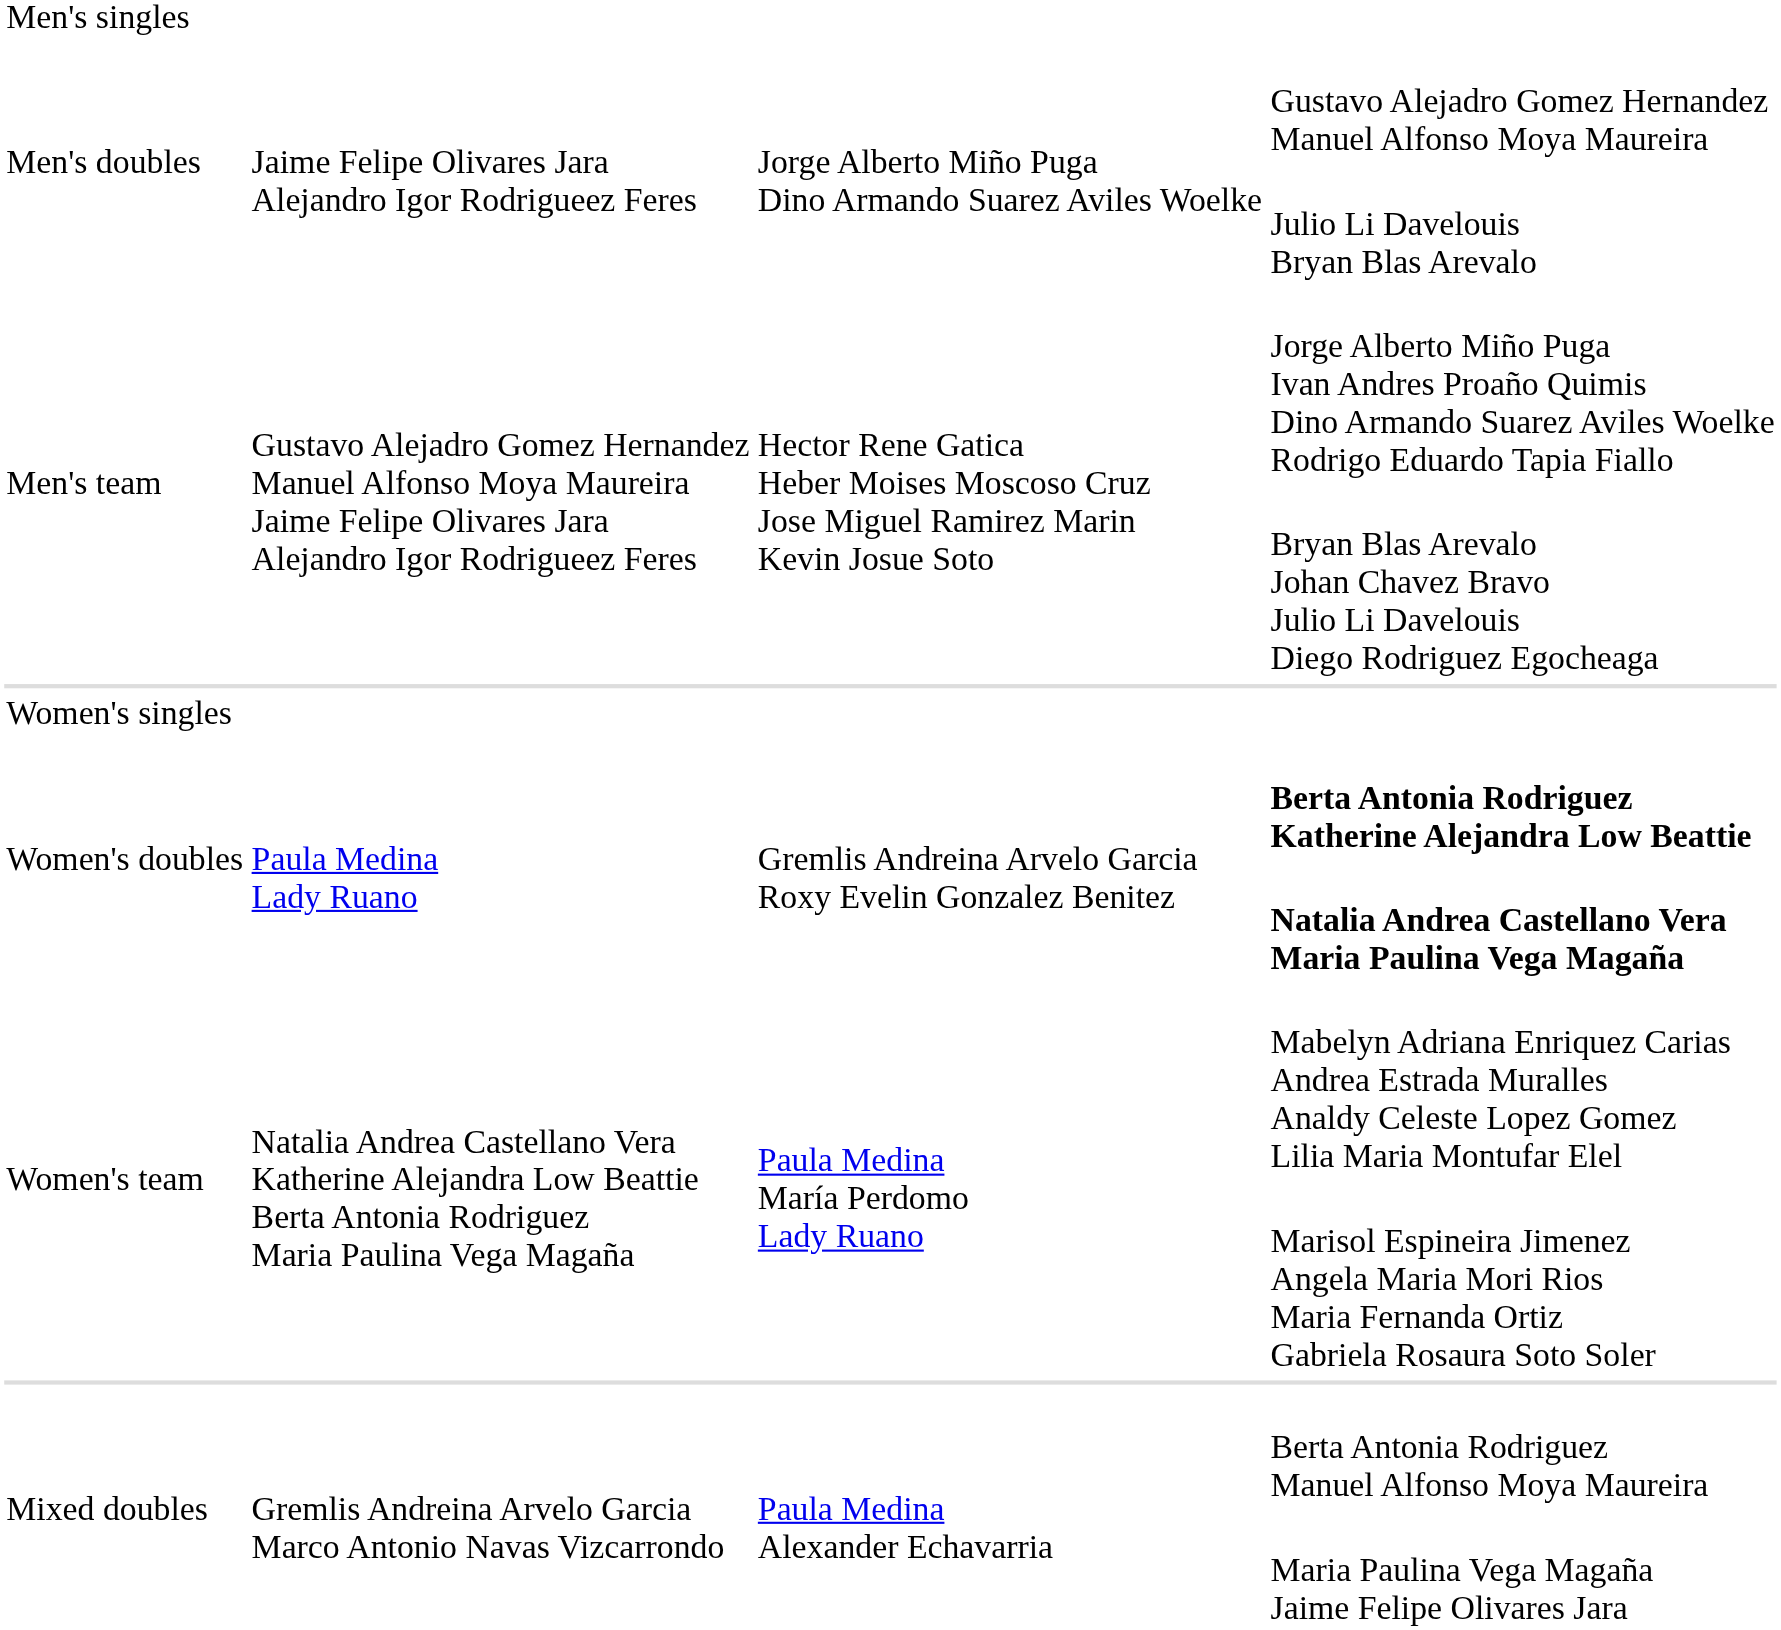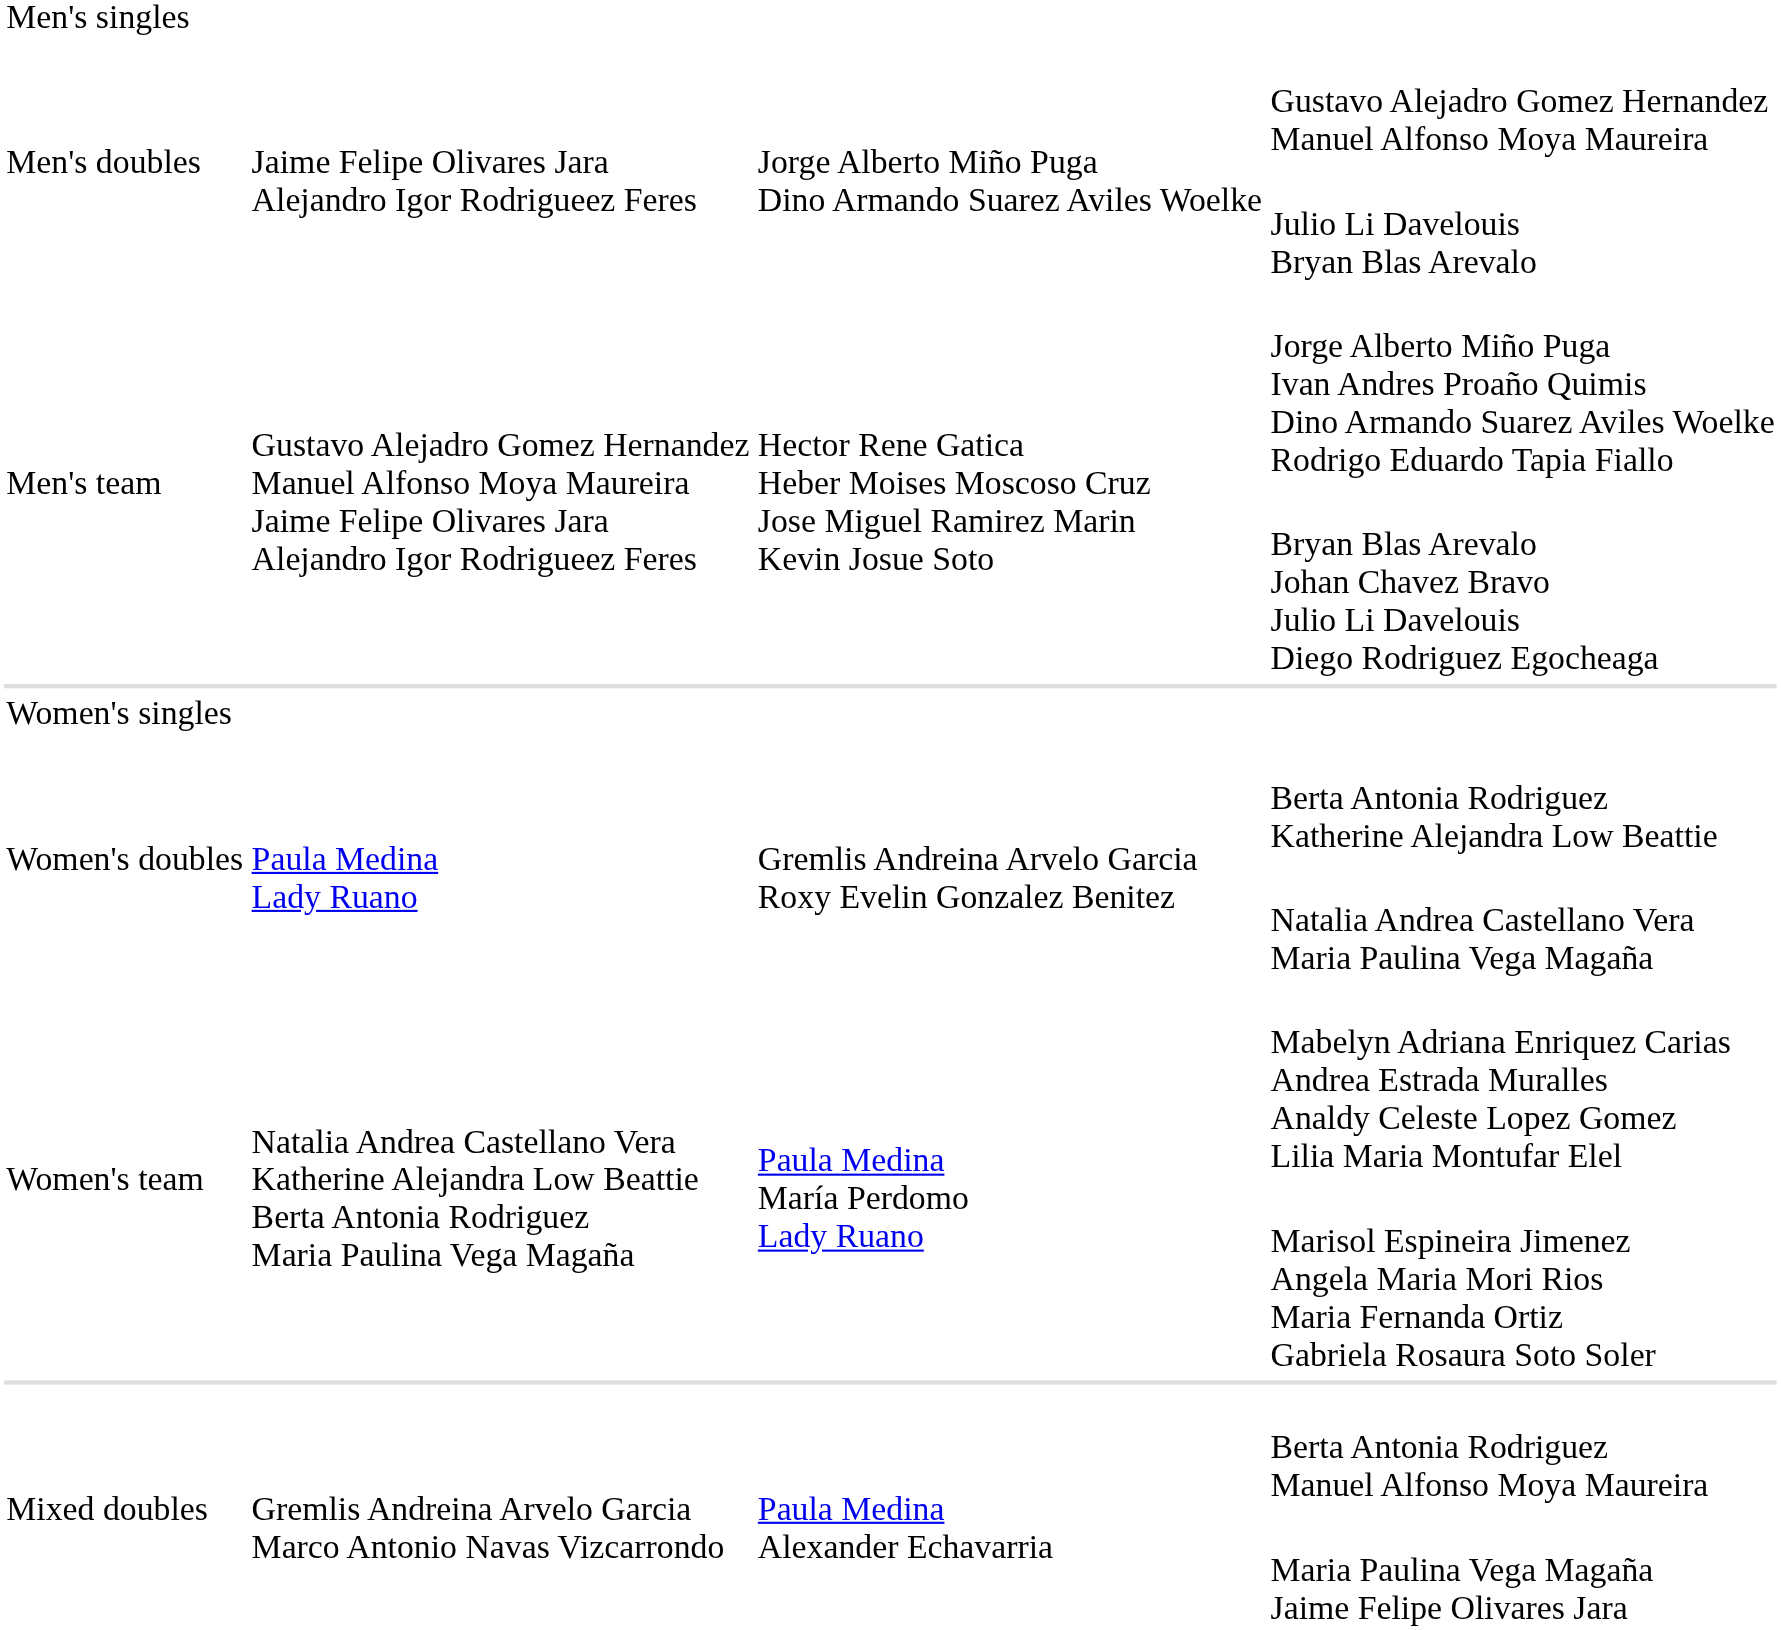 <table>
 <tr>
 <td rowspan=2>Men's singles</td>
 <td rowspan=2></td>
 <td rowspan=2></td>
 <td></td>
 </tr>
 <tr>
 <td></td>
 </tr>
 <tr>
 <td rowspan=2>Men's doubles</td>
 <td rowspan=2><br>Jaime Felipe Olivares Jara<br>Alejandro Igor Rodrigueez Feres</td>
 <td rowspan=2><br>Jorge Alberto Miño Puga<br>Dino Armando Suarez Aviles Woelke</td>
 <td><br>Gustavo Alejadro Gomez Hernandez<br>Manuel Alfonso Moya Maureira</td>
 </tr>
 <tr>
 <td><br>Julio Li Davelouis<br>Bryan Blas Arevalo</td>
 </tr>
 <tr>
 <td rowspan=2>Men's team</td>
 <td rowspan=2><br>Gustavo Alejadro Gomez Hernandez<br>Manuel Alfonso Moya Maureira<br>Jaime Felipe Olivares Jara<br>Alejandro Igor Rodrigueez Feres</td>
 <td rowspan=2><br>Hector Rene Gatica<br>Heber Moises Moscoso Cruz<br>Jose Miguel Ramirez Marin<br>Kevin Josue Soto</td>
 <td><br>Jorge Alberto Miño Puga<br>Ivan Andres Proaño Quimis<br>Dino Armando Suarez Aviles Woelke<br>Rodrigo Eduardo Tapia Fiallo</td>
 </tr>
 <tr>
 <td><br>Bryan Blas Arevalo<br>Johan Chavez Bravo<br>Julio Li Davelouis<br>Diego Rodriguez Egocheaga</td>
 </tr>
 <tr bgcolor=#DDDDDD>
 <td colspan=7></td>
 </tr>
 <tr>
 <td rowspan=2>Women's singles</td>
 <td rowspan=2></td>
 <td rowspan=2></td>
 <td></td>
 </tr>
 <tr>
 <td></td>
 </tr>
 <tr>
 <td rowspan=2>Women's doubles</td>
 <td rowspan=2><br><a href='#'>Paula Medina</a><br><a href='#'>Lady Ruano</a></td>
 <td rowspan=2><br>Gremlis Andreina Arvelo Garcia<br>Roxy Evelin Gonzalez Benitez</td>
-<td><strong><br>Berta Antonia Rodriguez<br>Katherine Alejandra Low Beattie</strong></td>
+<td><br>Berta Antonia Rodriguez<br>Katherine Alejandra Low Beattie</td>
 </tr>
 <tr>
-<td><strong><br>Natalia Andrea Castellano Vera<br>Maria Paulina Vega Magaña</strong></td>
+<td><br>Natalia Andrea Castellano Vera<br>Maria Paulina Vega Magaña</td>
 </tr>
 <tr>
 <td rowspan=2>Women's team</td>
 <td rowspan=2><br>Natalia Andrea Castellano Vera<br>Katherine Alejandra Low Beattie<br>Berta Antonia Rodriguez<br>Maria Paulina Vega Magaña</td>
 <td rowspan=2><br><a href='#'>Paula Medina</a><br>María Perdomo<br><a href='#'>Lady Ruano</a></td>
 <td><br>Mabelyn Adriana Enriquez Carias<br>Andrea Estrada Muralles<br>Analdy Celeste Lopez Gomez<br>Lilia Maria Montufar Elel</td>
 </tr>
 <tr>
 <td><br>Marisol Espineira Jimenez<br>Angela Maria Mori Rios<br>Maria Fernanda Ortiz<br>Gabriela Rosaura Soto Soler</td>
 </tr>
 <tr bgcolor=#DDDDDD>
 <td colspan=7></td>
 </tr>
 <tr>
 <td rowspan=2>Mixed doubles</td>
 <td rowspan=2><br>Gremlis Andreina Arvelo Garcia<br>Marco Antonio Navas Vizcarrondo</td>
 <td rowspan=2><br><a href='#'>Paula Medina</a><br>Alexander Echavarria</td>
 <td><br>Berta Antonia Rodriguez<br>Manuel Alfonso Moya Maureira</td>
 </tr>
 <tr>
 <td><br>Maria Paulina Vega Magaña<br>Jaime Felipe Olivares Jara</td>
 </tr>
 </table>
